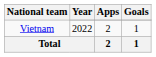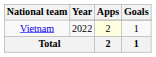 <table class="wikitable" style="text-align: center;">
 <tr>
 <th>National team</th>
 <th>Year</th>
 <th>Apps</th>
 <th>Goals</th>
 </tr>
 <tr>
 <td rowspan=2><a href='#'>Vietnam</a></td>
 </tr>
 <tr>
 <td>2022</td>
-<td>2</td>
+<td style="background: lightyellow;">2</td>
 <td>1</td>
 </tr>
 <tr>
 <th colspan=2>Total</th>
 <th>2</th>
 <th>1</th>
 </tr>
 </table>
